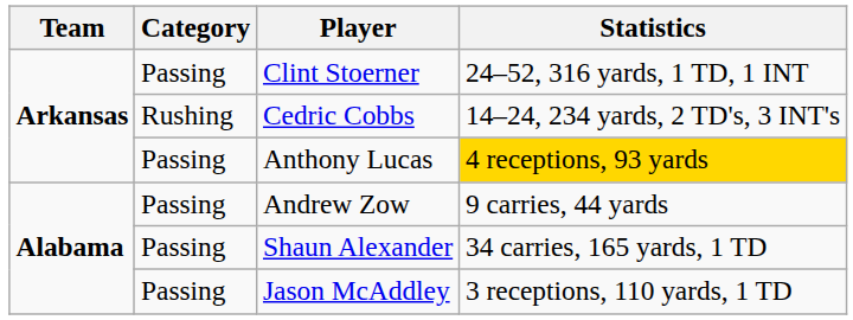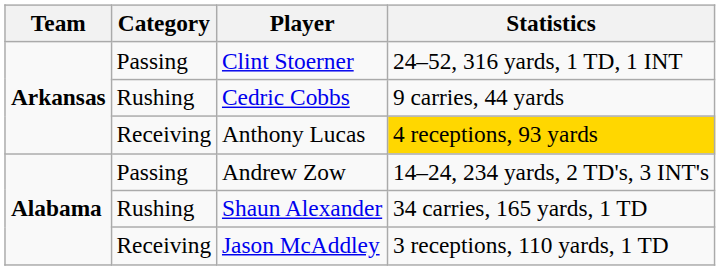 <table class="wikitable" style="float: right;">
 <tr>
 <th>Team</th>
 <th>Category</th>
 <th>Player</th>
 <th>Statistics</th>
 </tr>
 <tr>
 <td rowspan=3><strong>Arkansas</strong></td>
 <td>Passing</td>
 <td><a href='#'>Clint Stoerner</a></td>
 <td>24–52, 316 yards, 1 TD, 1 INT</td>
 </tr>
 <tr>
 <td>Rushing</td>
 <td><a href='#'>Cedric Cobbs</a></td>
-<td>14–24, 234 yards, 2 TD's, 3 INT's</td>
+<td>9 carries, 44 yards</td>
 </tr>
 <tr>
-<td>Passing</td>
+<td>Receiving</td>
 <td>Anthony Lucas</td>
 <td style="background: gold;">4 receptions, 93 yards</td>
 </tr>
 <tr>
 <td rowspan=3><strong>Alabama</strong></td>
 <td>Passing</td>
 <td>Andrew Zow</td>
-<td>9 carries, 44 yards</td>
+<td>14–24, 234 yards, 2 TD's, 3 INT's</td>
 </tr>
 <tr>
-<td>Passing</td>
+<td>Rushing</td>
 <td><a href='#'>Shaun Alexander</a></td>
 <td>34 carries, 165 yards, 1 TD</td>
 </tr>
 <tr>
-<td>Passing</td>
+<td>Receiving</td>
 <td><a href='#'>Jason McAddley</a></td>
 <td>3 receptions, 110 yards, 1 TD</td>
 </tr>
 </table>
